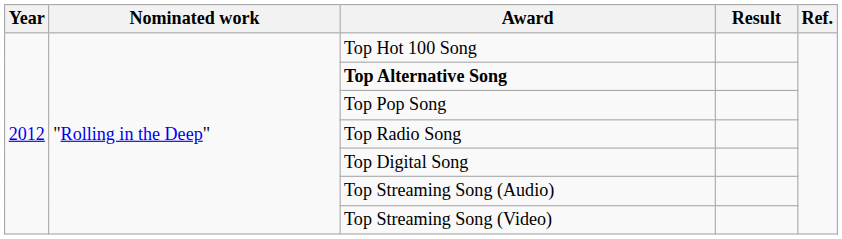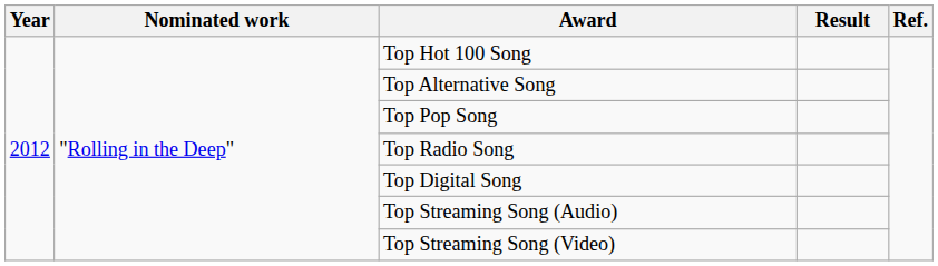 <table class="wikitable">
 <tr>
 <th>Year</th>
 <th width="250">Nominated work</th>
 <th width="325">Award</th>
 <th width="65">Result</th>
 <th>Ref.</th>
 </tr>
 <tr>
 <td rowspan="7"><a href='#'>2012</a></td>
 <td rowspan="7">"<a href='#'>Rolling in the Deep</a>"</td>
 <td>Top Hot 100 Song</td>
 <td></td>
 <td rowspan="7"></td>
 </tr>
 <tr>
-<td><strong>Top Alternative Song</strong></td>
+<td>Top Alternative Song</td>
 <td></td>
 </tr>
 <tr>
 <td>Top Pop Song</td>
 <td></td>
 </tr>
 <tr>
 <td>Top Radio Song</td>
 <td></td>
 </tr>
 <tr>
 <td>Top Digital Song</td>
 <td></td>
 </tr>
 <tr>
 <td>Top Streaming Song (Audio)</td>
 <td></td>
 </tr>
 <tr>
 <td>Top Streaming Song (Video)</td>
 <td></td>
 </tr>
 </table>
